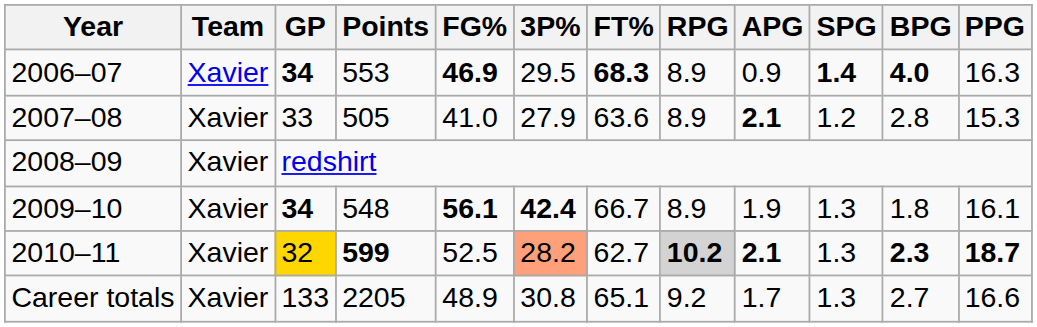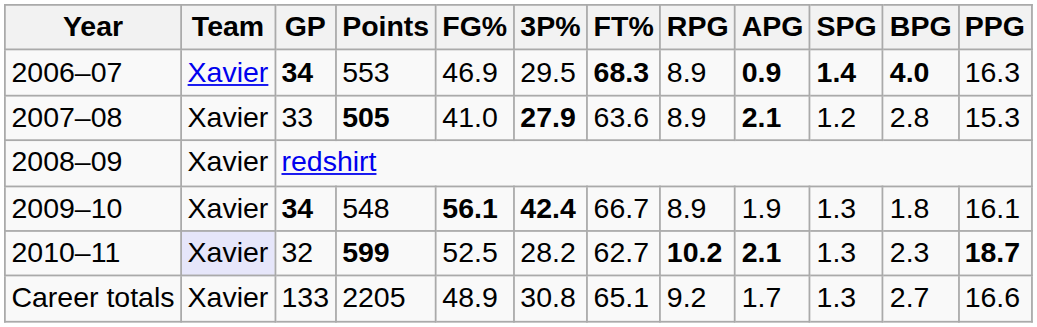 <table class="wikitable">
 <tr>
 <th>Year</th>
 <th>Team</th>
 <th>GP</th>
 <th>Points</th>
 <th>FG%</th>
 <th>3P%</th>
 <th>FT%</th>
 <th>RPG</th>
 <th>APG</th>
 <th>SPG</th>
 <th>BPG</th>
 <th>PPG</th>
 </tr>
 <tr>
 <td>2006–07</td>
 <td><a href='#'>Xavier</a></td>
 <td><strong>34</strong></td>
 <td>553</td>
-<td><strong>46.9</strong></td>
+<td>46.9</td>
 <td>29.5</td>
 <td><strong>68.3</strong></td>
 <td>8.9</td>
-<td>0.9</td>
+<td><strong>0.9</strong></td>
 <td><strong>1.4</strong></td>
 <td><strong>4.0</strong></td>
 <td>16.3</td>
 </tr>
 <tr>
 <td>2007–08</td>
 <td>Xavier</td>
 <td>33</td>
-<td>505</td>
+<td><strong>505</strong></td>
 <td>41.0</td>
-<td>27.9</td>
+<td><strong>27.9</strong></td>
 <td>63.6</td>
 <td>8.9</td>
 <td><strong>2.1</strong></td>
 <td>1.2</td>
 <td>2.8</td>
 <td>15.3</td>
 </tr>
 <tr>
 <td>2008–09</td>
 <td>Xavier</td>
 <td colspan="10"><a href='#'>redshirt</a></td>
 </tr>
 <tr>
 <td>2009–10</td>
 <td>Xavier</td>
 <td><strong>34</strong></td>
 <td>548</td>
 <td><strong>56.1</strong></td>
 <td><strong>42.4</strong></td>
 <td>66.7</td>
 <td>8.9</td>
 <td>1.9</td>
 <td>1.3</td>
 <td>1.8</td>
 <td>16.1</td>
 </tr>
 <tr>
 <td>2010–11</td>
-<td>Xavier</td>
-<td style="background: gold;">32</td>
+<td style="background: lavender;">Xavier</td>
+<td>32</td>
 <td><strong>599</strong></td>
 <td>52.5</td>
-<td style="background: lightsalmon;">28.2</td>
+<td>28.2</td>
 <td>62.7</td>
-<td style="background: lightgrey;"><strong>10.2</strong></td>
+<td><strong>10.2</strong></td>
 <td><strong>2.1</strong></td>
 <td>1.3</td>
-<td><strong>2.3</strong></td>
+<td>2.3</td>
 <td><strong>18.7</strong></td>
 </tr>
 <tr>
 <td>Career totals</td>
 <td>Xavier</td>
 <td>133</td>
 <td>2205</td>
 <td>48.9</td>
 <td>30.8</td>
 <td>65.1</td>
 <td>9.2</td>
 <td>1.7</td>
 <td>1.3</td>
 <td>2.7</td>
 <td>16.6</td>
 </tr>
 </table>
